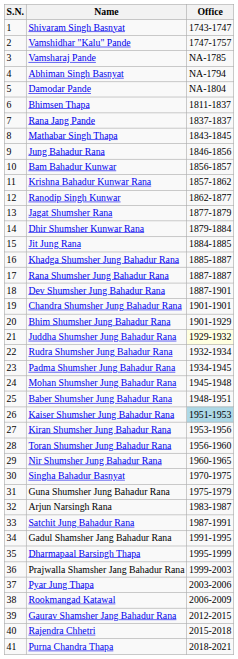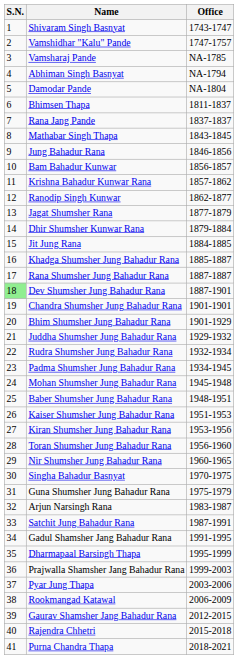 <table class="wikitable">
 <tr>
 <th>S.N.</th>
 <th>Name</th>
 <th>Office</th>
 </tr>
 <tr>
 <td>1</td>
 <td><a href='#'>Shivaram Singh Basnyat</a></td>
 <td>1743-1747</td>
 </tr>
 <tr>
 <td>2</td>
 <td><a href='#'>Vamshidhar "Kalu" Pande</a></td>
 <td>1747-1757</td>
 </tr>
 <tr>
 <td>3</td>
 <td><a href='#'>Vamsharaj Pande</a></td>
 <td>NA-1785</td>
 </tr>
 <tr>
 <td>4</td>
 <td><a href='#'>Abhiman Singh Basnyat</a></td>
 <td>NA-1794</td>
 </tr>
 <tr>
 <td>5</td>
 <td><a href='#'>Damodar Pande</a></td>
 <td>NA-1804</td>
 </tr>
 <tr>
 <td>6</td>
 <td><a href='#'>Bhimsen Thapa</a></td>
 <td>1811-1837</td>
 </tr>
 <tr>
 <td>7</td>
 <td><a href='#'>Rana Jang Pande</a></td>
 <td>1837-1837</td>
 </tr>
 <tr>
 <td>8</td>
 <td><a href='#'>Mathabar Singh Thapa</a></td>
 <td>1843-1845</td>
 </tr>
 <tr>
 <td>9</td>
 <td><a href='#'>Jung Bahadur Rana</a></td>
 <td>1846-1856</td>
 </tr>
 <tr>
 <td>10</td>
 <td><a href='#'>Bam Bahadur Kunwar</a></td>
 <td>1856-1857</td>
 </tr>
 <tr>
 <td>11</td>
 <td><a href='#'>Krishna Bahadur Kunwar Rana</a></td>
 <td>1857-1862</td>
 </tr>
 <tr>
 <td>12</td>
 <td><a href='#'>Ranodip Singh Kunwar</a></td>
 <td>1862-1877</td>
 </tr>
 <tr>
 <td>13</td>
 <td><a href='#'>Jagat Shumsher Rana</a></td>
 <td>1877-1879</td>
 </tr>
 <tr>
 <td>14</td>
 <td><a href='#'>Dhir Shumsher Kunwar Rana</a></td>
 <td>1879-1884</td>
 </tr>
 <tr>
 <td>15</td>
 <td><a href='#'>Jit Jung Rana</a></td>
 <td>1884-1885</td>
 </tr>
 <tr>
 <td>16</td>
 <td><a href='#'>Khadga Shumsher Jung Bahadur Rana</a></td>
 <td>1885-1887</td>
 </tr>
 <tr>
 <td>17</td>
 <td><a href='#'>Rana Shumsher Jung Bahadur Rana</a></td>
 <td>1887-1887</td>
 </tr>
 <tr>
-<td>18</td>
+<td style="background: lightgreen;">18</td>
 <td><a href='#'>Dev Shumsher Jung Bahadur Rana</a></td>
 <td>1887-1901</td>
 </tr>
 <tr>
 <td>19</td>
 <td><a href='#'>Chandra Shumsher Jung Bahadur Rana</a></td>
 <td>1901-1901</td>
 </tr>
 <tr>
 <td>20</td>
 <td><a href='#'>Bhim Shumsher Jung Bahadur Rana</a></td>
 <td>1901-1929</td>
 </tr>
 <tr>
 <td>21</td>
 <td><a href='#'>Juddha Shumsher Jung Bahadur Rana</a></td>
-<td style="background: lightyellow;">1929-1932</td>
+<td>1929-1932</td>
 </tr>
 <tr>
 <td>22</td>
 <td><a href='#'>Rudra Shumsher Jung Bahadur Rana</a></td>
 <td>1932-1934</td>
 </tr>
 <tr>
 <td>23</td>
 <td><a href='#'>Padma Shumsher Jung Bahadur Rana</a></td>
 <td>1934-1945</td>
 </tr>
 <tr>
 <td>24</td>
 <td><a href='#'>Mohan Shumsher Jung Bahadur Rana</a></td>
 <td>1945-1948</td>
 </tr>
 <tr>
 <td>25</td>
 <td><a href='#'>Baber Shumsher Jung Bahadur Rana</a></td>
 <td>1948-1951</td>
 </tr>
 <tr>
 <td>26</td>
 <td><a href='#'>Kaiser Shumsher Jung Bahadur Rana</a></td>
-<td style="background: lightblue;">1951-1953</td>
+<td>1951-1953</td>
 </tr>
 <tr>
 <td>27</td>
 <td><a href='#'>Kiran Shumsher Jung Bahadur Rana</a></td>
 <td>1953-1956</td>
 </tr>
 <tr>
 <td>28</td>
 <td><a href='#'>Toran Shumsher Jung Bahadur Rana</a></td>
 <td>1956-1960</td>
 </tr>
 <tr>
 <td>29</td>
 <td><a href='#'>Nir Shumsher Jung Bahadur Rana</a></td>
 <td>1960-1965</td>
 </tr>
 <tr>
 <td>30</td>
 <td><a href='#'>Singha Bahadur Basnyat</a></td>
 <td>1970-1975</td>
 </tr>
 <tr>
 <td>31</td>
 <td>Guna Shumsher Jung Bahadur Rana</td>
 <td>1975-1979</td>
 </tr>
 <tr>
 <td>32</td>
 <td>Arjun Narsingh Rana</td>
 <td>1983-1987</td>
 </tr>
 <tr>
 <td>33</td>
 <td><a href='#'>Satchit Jung Bahadur Rana</a></td>
 <td>1987-1991</td>
 </tr>
 <tr>
 <td>34</td>
 <td>Gadul Shamsher Jang Bahadur Rana</td>
 <td>1991-1995</td>
 </tr>
 <tr>
 <td>35</td>
 <td><a href='#'>Dharmapaal Barsingh Thapa</a></td>
 <td>1995-1999</td>
 </tr>
 <tr>
 <td>36</td>
 <td>Prajwalla Shamsher Jang Bahadur Rana</td>
 <td>1999-2003</td>
 </tr>
 <tr>
 <td>37</td>
 <td><a href='#'>Pyar Jung Thapa</a></td>
 <td>2003-2006</td>
 </tr>
 <tr>
 <td>38</td>
 <td><a href='#'>Rookmangad Katawal</a></td>
 <td>2006-2009</td>
 </tr>
 <tr>
 <td>39</td>
 <td><a href='#'>Gaurav Shamsher Jang Bahadur Rana</a></td>
 <td>2012-2015</td>
 </tr>
 <tr>
 <td>40</td>
 <td><a href='#'>Rajendra Chhetri</a></td>
 <td>2015-2018</td>
 </tr>
 <tr>
 <td>41</td>
 <td><a href='#'>Purna Chandra Thapa</a></td>
 <td>2018-2021</td>
 </tr>
 </table>
